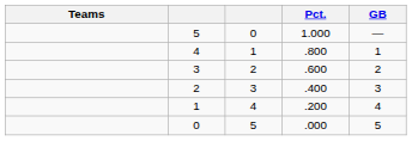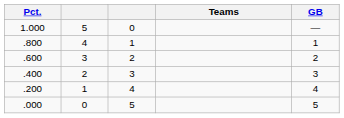 <table class="wikitable" width="550" style="text-align:center;">
 <tr>
-<th width="20%">Teams</th>
+<th width="8%"><a href='#'>Pct.</a></th>
 <th width="7%"></th>
 <th width="7%"></th>
-<th width="8%"><a href='#'>Pct.</a></th>
+<th width="20%">Teams</th>
 <th width="7%"><a href='#'>GB</a></th>
 </tr>
 <tr>
-<td align=left></td>
+<td>1.000</td>
 <td>5</td>
 <td>0</td>
-<td>1.000</td>
+<td align=left></td>
 <td>—</td>
 </tr>
 <tr>
-<td align=left></td>
+<td>.800</td>
 <td>4</td>
 <td>1</td>
-<td>.800</td>
+<td align=left></td>
 <td>1</td>
 </tr>
 <tr>
-<td align=left></td>
+<td>.600</td>
 <td>3</td>
 <td>2</td>
-<td>.600</td>
+<td align=left></td>
 <td>2</td>
 </tr>
 <tr>
-<td align=left></td>
+<td>.400</td>
 <td>2</td>
 <td>3</td>
-<td>.400</td>
+<td align=left></td>
 <td>3</td>
 </tr>
 <tr>
-<td align=left></td>
+<td>.200</td>
 <td>1</td>
 <td>4</td>
-<td>.200</td>
+<td align=left></td>
 <td>4</td>
 </tr>
 <tr>
-<td align=left></td>
+<td>.000</td>
 <td>0</td>
 <td>5</td>
-<td>.000</td>
+<td align=left></td>
 <td>5</td>
 </tr>
 </table>
